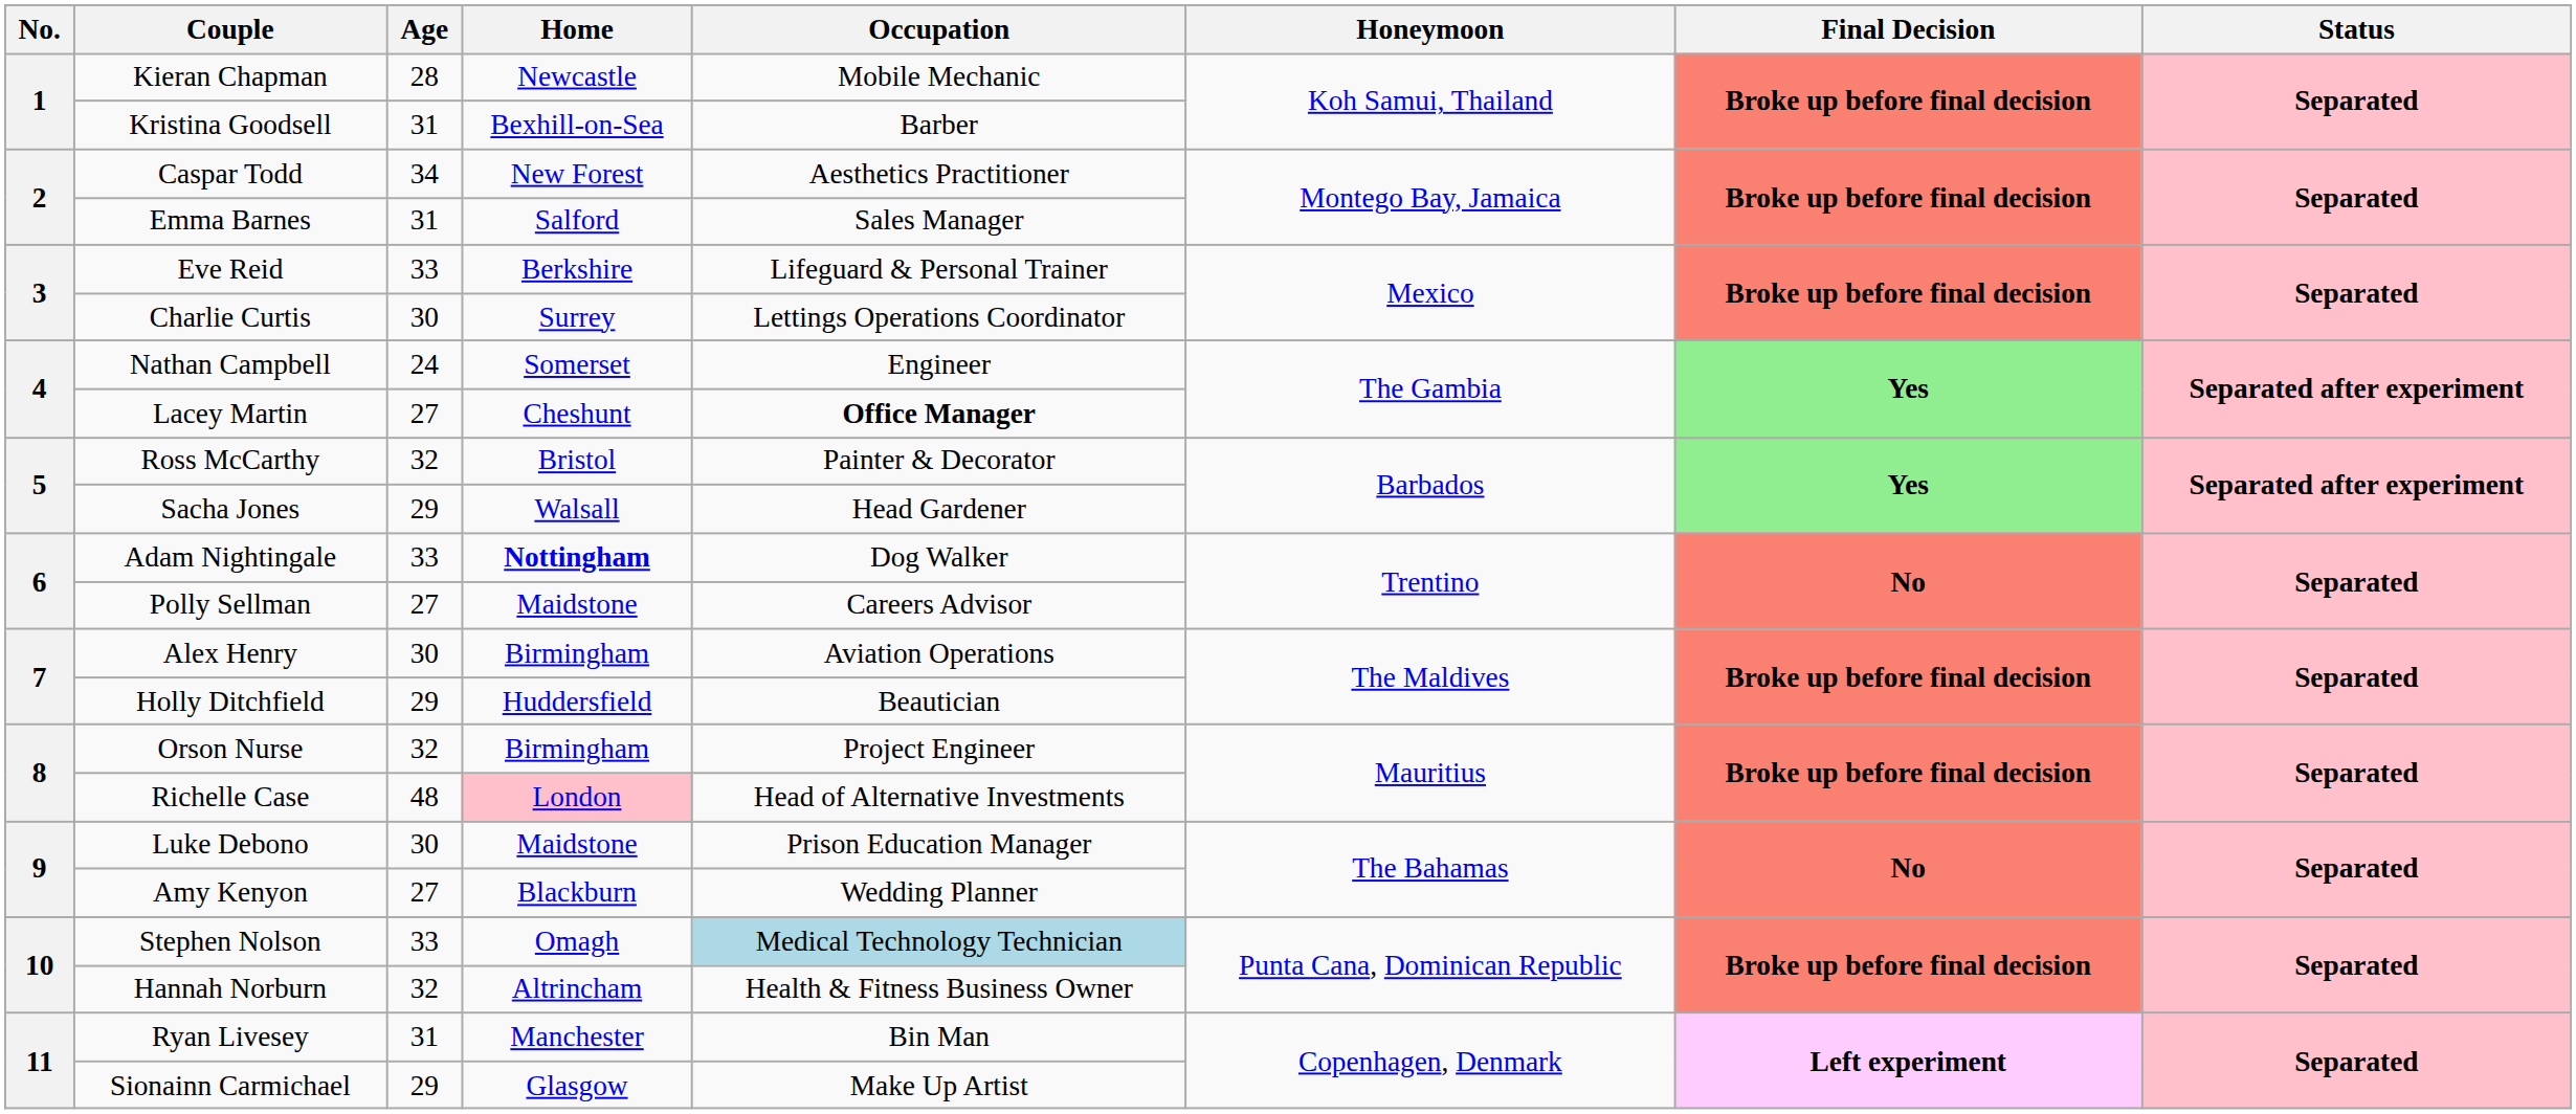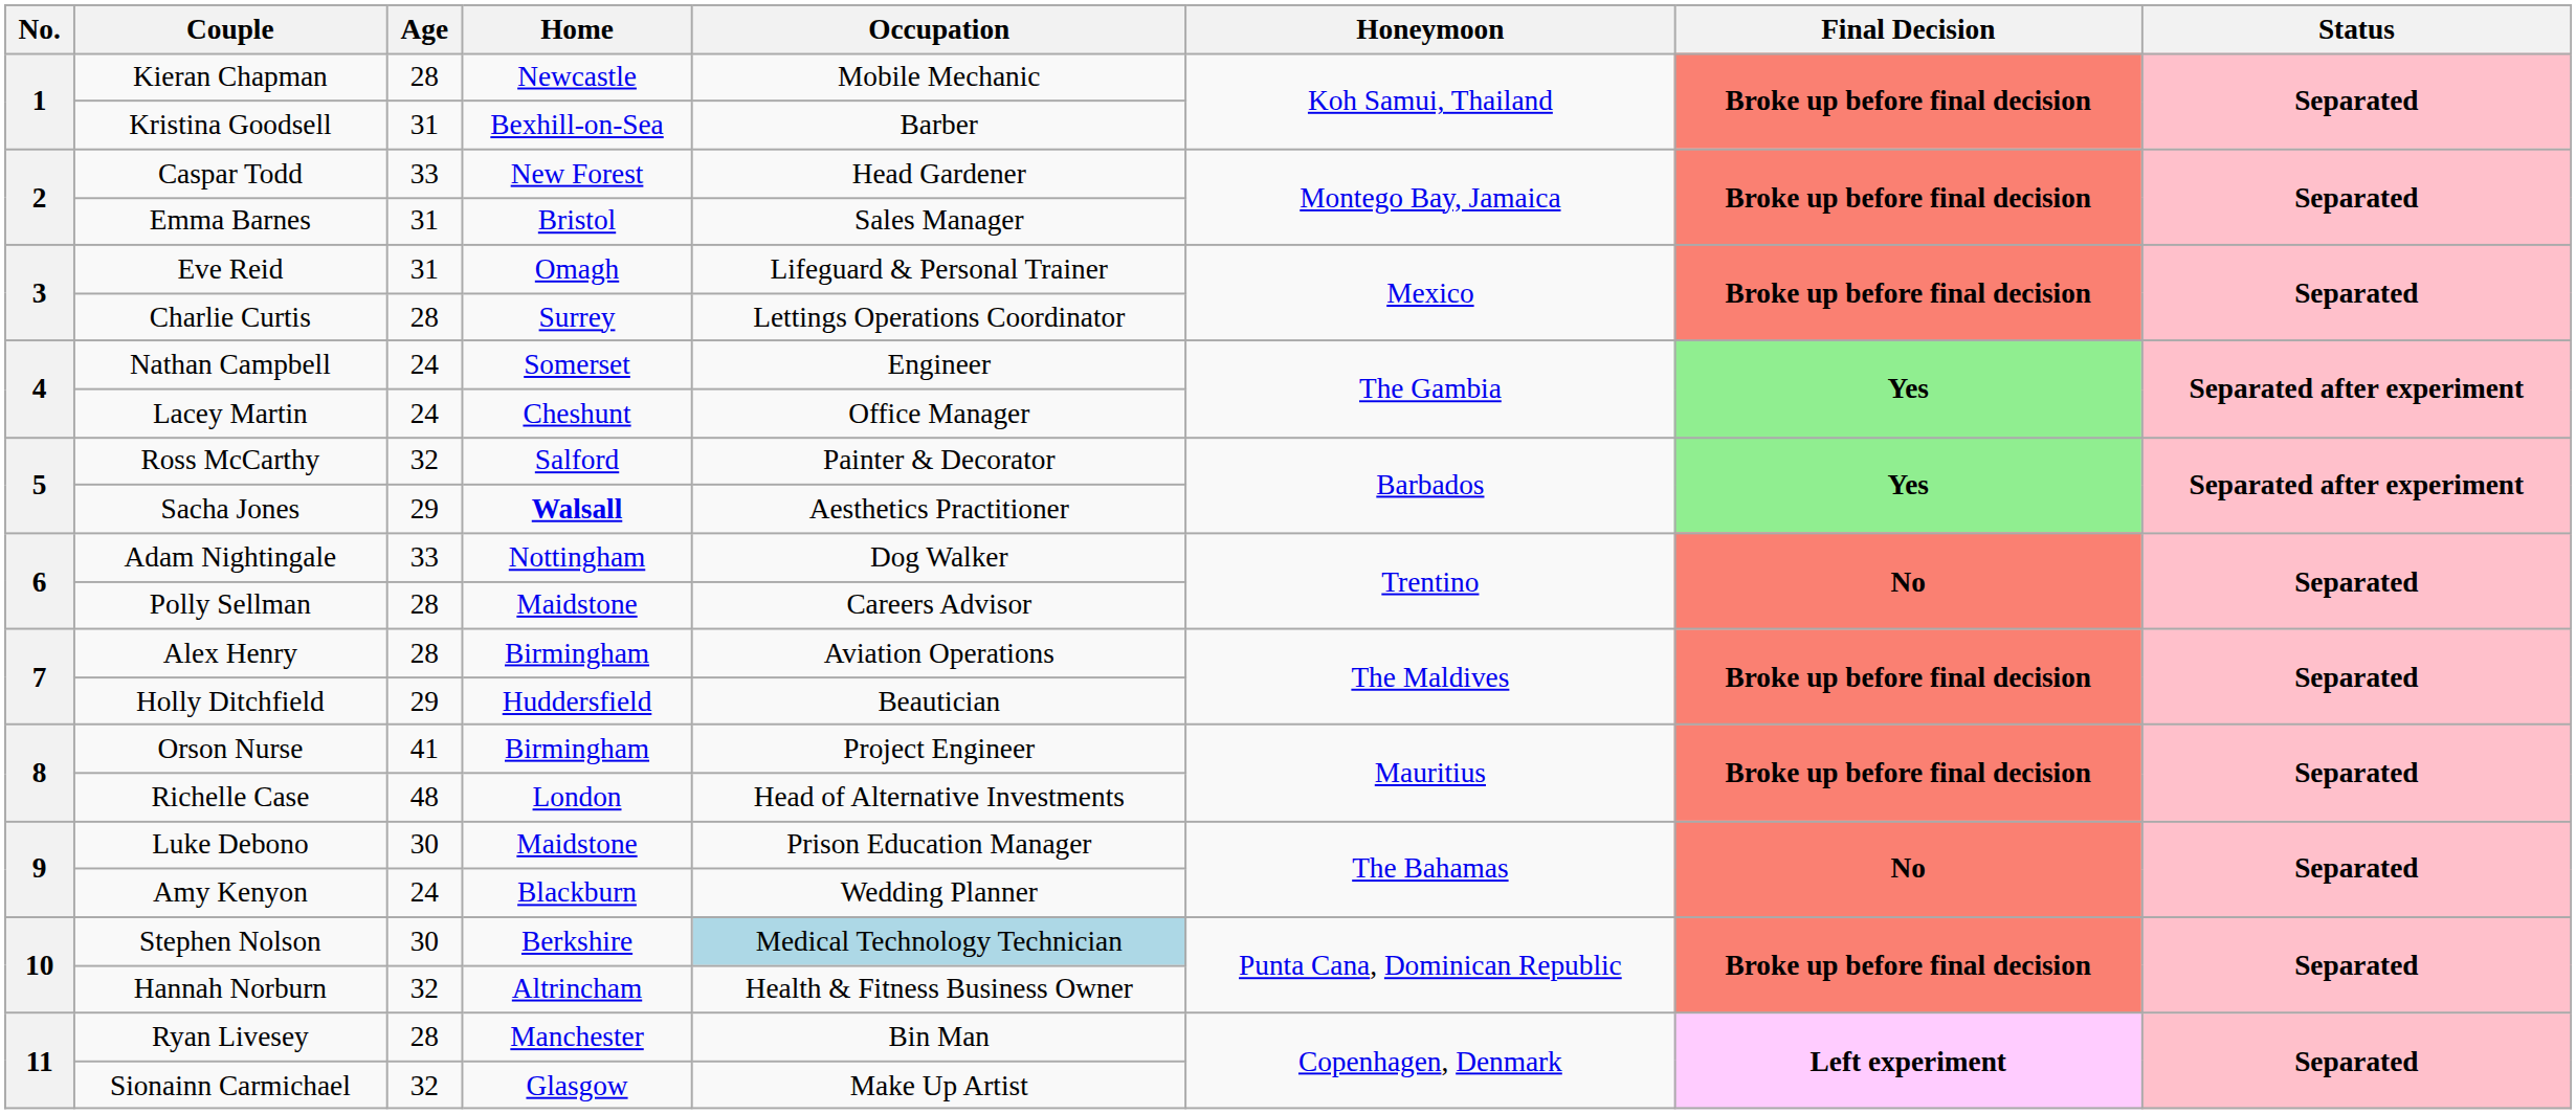 <table class="wikitable plainrowheaders" style="text-align:center; width:100%; font-size:88%;">
 <tr>
 <th>No.</th>
 <th>Couple</th>
 <th>Age</th>
 <th>Home</th>
 <th>Occupation</th>
 <th>Honeymoon</th>
 <th>Final Decision</th>
 <th>Status</th>
 </tr>
 <tr>
 <th rowspan="2">1</th>
 <td>Kieran Chapman</td>
 <td>28</td>
 <td><a href='#'>Newcastle</a></td>
 <td>Mobile Mechanic</td>
 <td rowspan="2"><a href='#'>Koh Samui, Thailand</a></td>
 <th rowspan="2" style="background:salmon;">Broke up before final decision</th>
 <th rowspan="2" style="background:pink;">Separated</th>
 </tr>
 <tr>
 <td>Kristina Goodsell</td>
 <td>31</td>
 <td><a href='#'>Bexhill-on-Sea</a></td>
 <td>Barber</td>
 </tr>
 <tr>
 <th rowspan="2">2</th>
 <td>Caspar Todd</td>
-<td>34</td>
+<td>33</td>
 <td><a href='#'>New Forest</a></td>
-<td>Aesthetics Practitioner</td>
+<td>Head Gardener</td>
 <td rowspan="2"><a href='#'>Montego Bay, Jamaica</a></td>
 <th rowspan="2" style="background:salmon;">Broke up before final decision</th>
 <th rowspan="2" style="background:pink;">Separated</th>
 </tr>
 <tr>
 <td>Emma Barnes</td>
 <td>31</td>
-<td><a href='#'>Salford</a></td>
+<td><a href='#'>Bristol</a></td>
 <td>Sales Manager</td>
 </tr>
 <tr>
 <th rowspan="2">3</th>
 <td>Eve Reid</td>
-<td>33</td>
-<td><a href='#'>Berkshire</a></td>
+<td>31</td>
+<td><a href='#'>Omagh</a></td>
 <td>Lifeguard & Personal Trainer</td>
 <td rowspan="2"><a href='#'>Mexico</a></td>
 <th rowspan="2" style="background:salmon;">Broke up before final decision</th>
 <th rowspan="2" style="background:pink;">Separated</th>
 </tr>
 <tr>
 <td>Charlie Curtis</td>
-<td>30</td>
+<td>28</td>
 <td><a href='#'>Surrey</a></td>
 <td>Lettings Operations Coordinator</td>
 </tr>
 <tr>
 <th rowspan="2">4</th>
 <td>Nathan Campbell</td>
 <td>24</td>
 <td><a href='#'>Somerset</a></td>
 <td>Engineer</td>
 <td rowspan="2"><a href='#'>The Gambia</a></td>
 <th rowspan="2" style="background:lightgreen;">Yes</th>
 <th rowspan="2" style="background:pink;">Separated after experiment</th>
 </tr>
 <tr>
 <td>Lacey Martin</td>
-<td>27</td>
+<td>24</td>
 <td><a href='#'>Cheshunt</a></td>
-<td><strong>Office Manager</strong></td>
+<td>Office Manager</td>
 </tr>
 <tr>
 <th rowspan="2">5</th>
 <td>Ross McCarthy</td>
 <td>32</td>
-<td><a href='#'>Bristol</a></td>
+<td><a href='#'>Salford</a></td>
 <td>Painter & Decorator</td>
 <td rowspan="2"><a href='#'>Barbados</a></td>
 <th rowspan="2" style="background:lightgreen;">Yes</th>
 <th rowspan="2" style="background:pink;">Separated after experiment</th>
 </tr>
 <tr>
 <td>Sacha Jones</td>
 <td>29</td>
-<td><a href='#'>Walsall</a></td>
-<td>Head Gardener</td>
+<td><strong><a href='#'>Walsall</a></strong></td>
+<td>Aesthetics Practitioner</td>
 </tr>
 <tr>
 <th rowspan="2">6</th>
 <td>Adam Nightingale</td>
 <td>33</td>
-<td><strong><a href='#'>Nottingham</a></strong></td>
+<td><a href='#'>Nottingham</a></td>
 <td>Dog Walker</td>
 <td rowspan="2"><a href='#'>Trentino</a></td>
 <th rowspan="2" style="background:Salmon;">No</th>
 <th rowspan="2" style="background:pink;">Separated</th>
 </tr>
 <tr>
 <td>Polly Sellman</td>
-<td>27</td>
+<td>28</td>
 <td><a href='#'>Maidstone</a></td>
 <td>Careers Advisor</td>
 </tr>
 <tr>
 <th rowspan="2">7</th>
 <td>Alex Henry</td>
-<td>30</td>
+<td>28</td>
 <td><a href='#'>Birmingham</a></td>
 <td>Aviation Operations</td>
 <td rowspan="2"><a href='#'>The Maldives</a></td>
 <th rowspan="2" style="background:salmon;">Broke up before final decision</th>
 <th rowspan="2" style="background:pink;">Separated</th>
 </tr>
 <tr>
 <td>Holly Ditchfield</td>
 <td>29</td>
 <td><a href='#'>Huddersfield</a></td>
 <td>Beautician</td>
 </tr>
 <tr>
 <th rowspan="2">8</th>
 <td>Orson Nurse</td>
-<td>32</td>
+<td>41</td>
 <td><a href='#'>Birmingham</a></td>
 <td>Project Engineer</td>
 <td rowspan="2"><a href='#'>Mauritius</a></td>
 <th rowspan="2" style="background:salmon;">Broke up before final decision</th>
 <th rowspan="2" style="background:pink;">Separated</th>
 </tr>
 <tr>
 <td>Richelle Case</td>
 <td>48</td>
-<td style="background: pink;"><a href='#'>London</a></td>
+<td><a href='#'>London</a></td>
 <td>Head of Alternative Investments</td>
 </tr>
 <tr>
 <th rowspan="2">9</th>
 <td>Luke Debono</td>
 <td>30</td>
 <td><a href='#'>Maidstone</a></td>
 <td>Prison Education Manager</td>
 <td rowspan="2"><a href='#'>The Bahamas</a></td>
 <th rowspan="2" style="background:Salmon;">No</th>
 <th rowspan="2" style="background:pink;">Separated</th>
 </tr>
 <tr>
 <td>Amy Kenyon</td>
-<td>27</td>
+<td>24</td>
 <td><a href='#'>Blackburn</a></td>
 <td>Wedding Planner</td>
 </tr>
 <tr>
 <th rowspan="2">10</th>
 <td>Stephen Nolson</td>
-<td>33</td>
-<td><a href='#'>Omagh</a></td>
+<td>30</td>
+<td><a href='#'>Berkshire</a></td>
 <td style="background: lightblue;">Medical Technology Technician</td>
 <td rowspan="2"><a href='#'>Punta Cana</a>, <a href='#'>Dominican Republic</a></td>
 <th rowspan="2" style="background:salmon;">Broke up before final decision</th>
 <th rowspan="2" style="background:pink;">Separated</th>
 </tr>
 <tr>
 <td>Hannah Norburn</td>
 <td>32</td>
 <td><a href='#'>Altrincham</a></td>
 <td>Health & Fitness Business Owner</td>
 </tr>
 <tr>
 <th rowspan="2">11</th>
 <td>Ryan Livesey</td>
-<td>31</td>
+<td>28</td>
 <td><a href='#'>Manchester</a></td>
 <td>Bin Man</td>
 <td rowspan="2"><a href='#'>Copenhagen</a>, <a href='#'>Denmark</a></td>
 <th rowspan="2" style="background:#fcf;">Left experiment</th>
 <th rowspan="2" style="background:pink;">Separated</th>
 </tr>
 <tr>
 <td>Sionainn Carmichael</td>
-<td>29</td>
+<td>32</td>
 <td><a href='#'>Glasgow</a></td>
 <td>Make Up Artist</td>
 </tr>
 </table>
